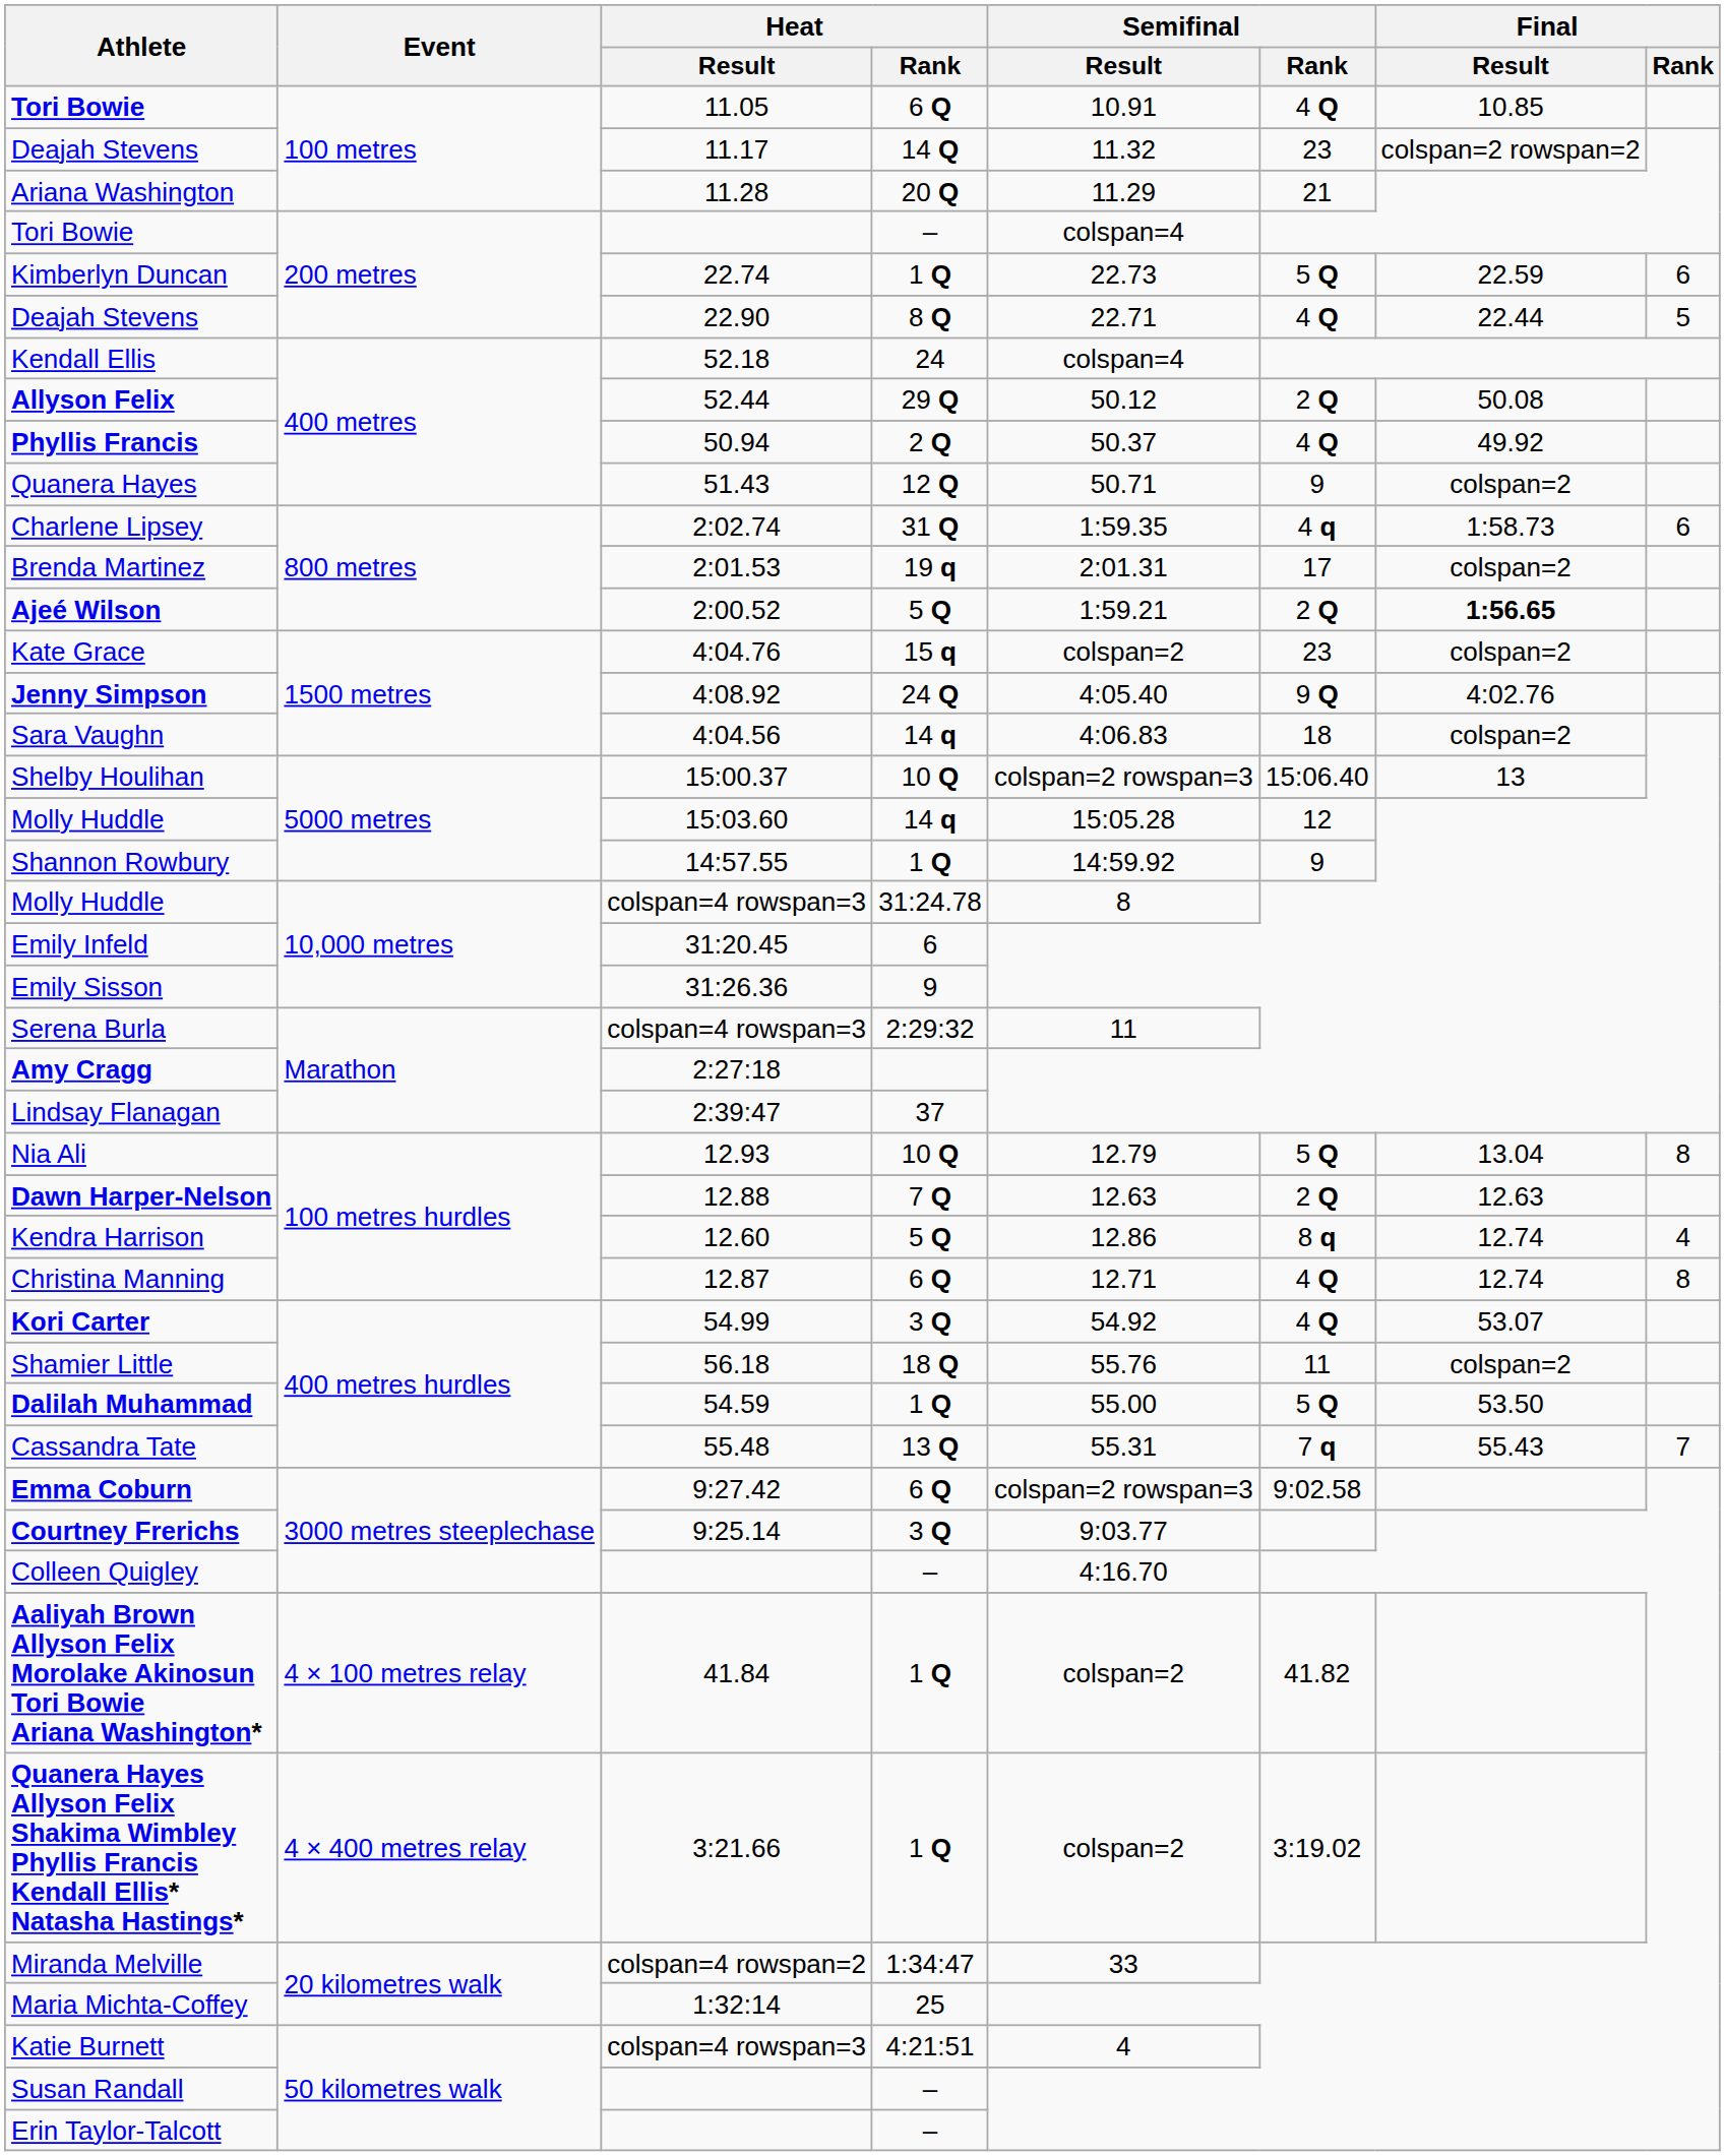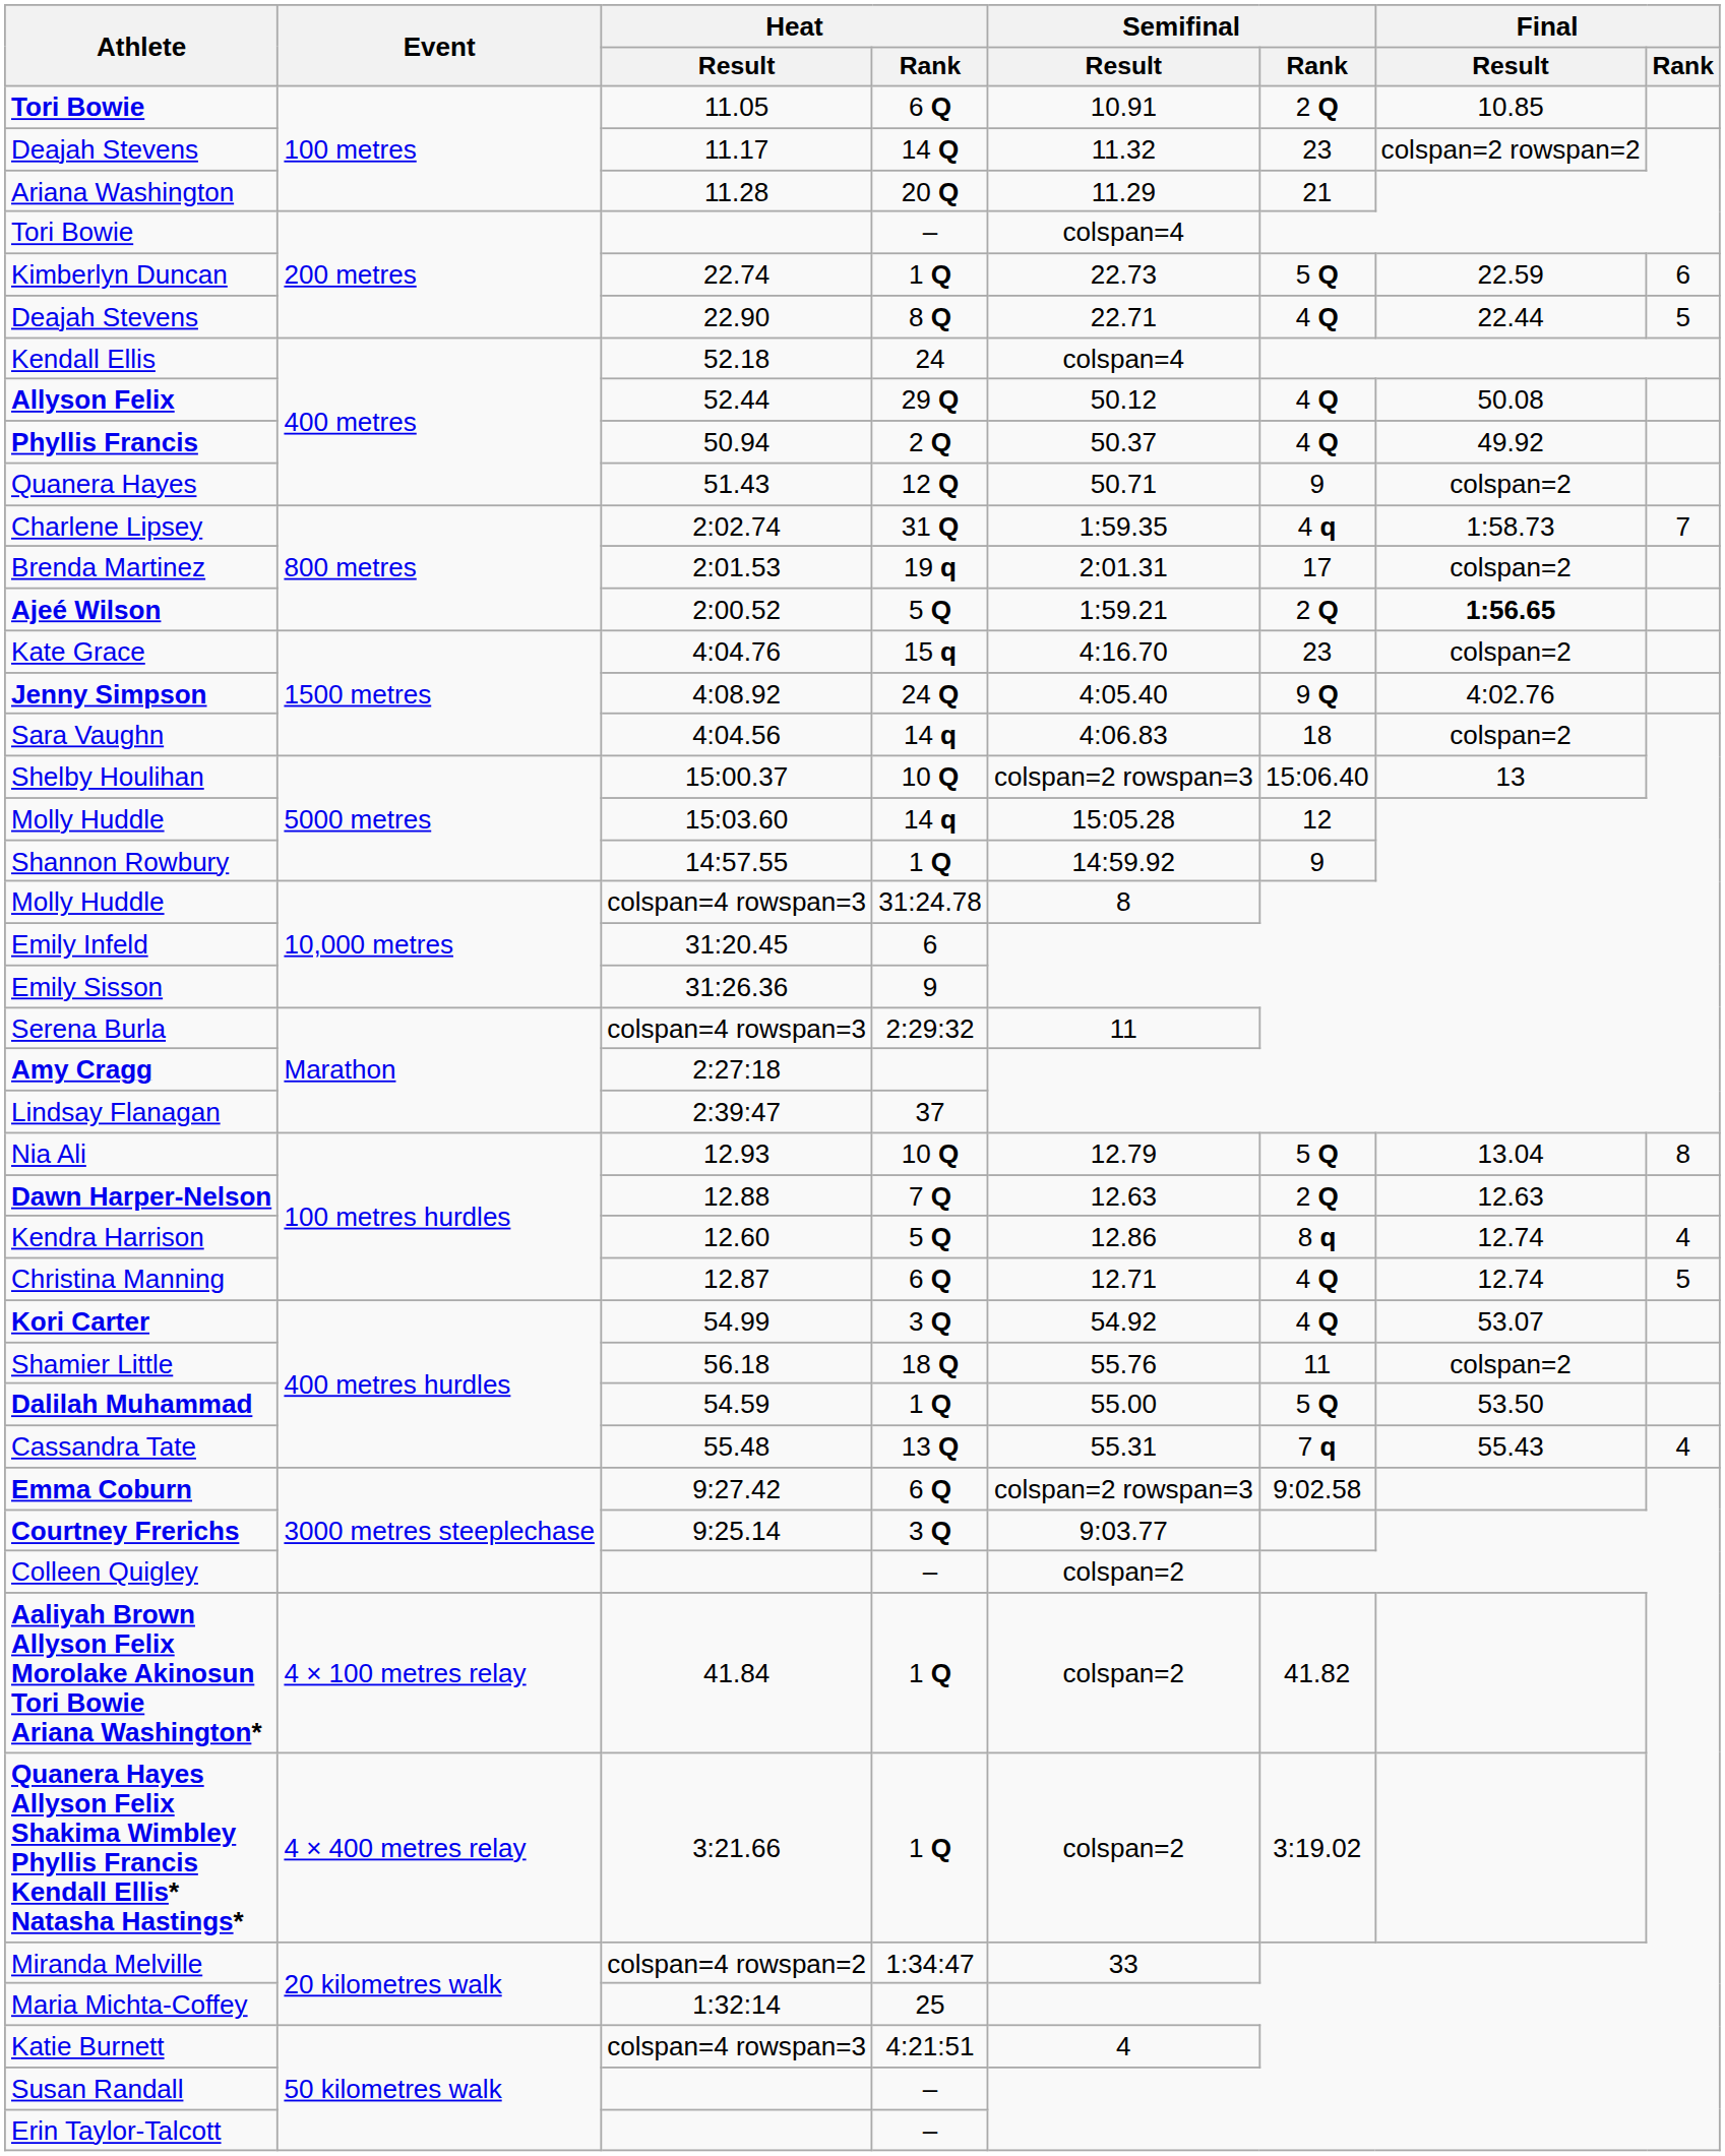 <table class=wikitable style=font-size:90%>
 <tr>
 <th rowspan=2>Athlete</th>
 <th rowspan=2>Event</th>
 <th colspan=2>Heat</th>
 <th colspan=2>Semifinal</th>
 <th colspan=2>Final</th>
 </tr>
 <tr style=font-size:95%>
 <th>Result</th>
 <th>Rank</th>
 <th>Result</th>
 <th>Rank</th>
 <th>Result</th>
 <th>Rank</th>
 </tr>
 <tr align=center>
 <td align=left><strong><a href='#'>Tori Bowie</a></strong></td>
 <td align=left rowspan=3><a href='#'>100 metres</a></td>
 <td>11.05</td>
 <td>6 <strong>Q</strong></td>
 <td>10.91</td>
-<td>4 <strong>Q</strong></td>
+<td>2 <strong>Q</strong></td>
 <td>10.85 <strong></strong></td>
 <td></td>
 </tr>
 <tr align=center>
 <td align=left><a href='#'>Deajah Stevens</a></td>
 <td>11.17</td>
 <td>14 <strong>Q</strong></td>
 <td>11.32</td>
 <td>23</td>
 <td>colspan=2 rowspan=2 </td>
 </tr>
 <tr align=center>
 <td align=left><a href='#'>Ariana Washington</a></td>
 <td>11.28</td>
 <td>20 <strong>Q</strong></td>
 <td>11.29</td>
 <td>21</td>
 </tr>
 <tr align=center>
 <td align=left><a href='#'>Tori Bowie</a></td>
 <td align=left rowspan=3><a href='#'>200 metres</a></td>
 <td></td>
 <td>–</td>
 <td>colspan=4 </td>
 </tr>
 <tr align=center>
 <td align=left><a href='#'>Kimberlyn Duncan</a></td>
 <td>22.74</td>
 <td>1 <strong>Q</strong></td>
 <td>22.73</td>
 <td>5 <strong>Q</strong></td>
 <td>22.59</td>
 <td>6</td>
 </tr>
 <tr align=center>
 <td align=left><a href='#'>Deajah Stevens</a></td>
 <td>22.90</td>
 <td>8 <strong>Q</strong></td>
 <td>22.71</td>
 <td>4 <strong>Q</strong></td>
 <td>22.44</td>
 <td>5</td>
 </tr>
 <tr align=center>
 <td align=left><a href='#'>Kendall Ellis</a></td>
 <td align=left rowspan=4><a href='#'>400 metres</a></td>
 <td>52.18</td>
 <td>24</td>
 <td>colspan=4 </td>
 </tr>
 <tr align=center>
 <td align=left><strong><a href='#'>Allyson Felix</a></strong></td>
 <td>52.44</td>
 <td>29 <strong>Q</strong></td>
 <td>50.12</td>
-<td>2 <strong>Q</strong></td>
+<td>4 <strong>Q</strong></td>
 <td>50.08</td>
 <td></td>
 </tr>
 <tr align=center>
 <td align=left><strong><a href='#'>Phyllis Francis</a></strong></td>
 <td>50.94</td>
 <td>2 <strong>Q</strong></td>
 <td>50.37</td>
 <td>4 <strong>Q</strong></td>
 <td>49.92 <strong></strong></td>
 <td></td>
 </tr>
 <tr align=center>
 <td align=left><a href='#'>Quanera Hayes</a></td>
 <td>51.43</td>
 <td>12 <strong>Q</strong></td>
 <td>50.71</td>
 <td>9</td>
 <td>colspan=2 </td>
 </tr>
 <tr align=center>
 <td align=left><a href='#'>Charlene Lipsey</a></td>
 <td align=left rowspan=3><a href='#'>800 metres</a></td>
 <td>2:02.74</td>
 <td>31 <strong>Q</strong></td>
 <td>1:59.35</td>
 <td>4 <strong>q</strong></td>
 <td>1:58.73</td>
-<td>6</td>
+<td>7</td>
 </tr>
 <tr align=center>
 <td align=left><a href='#'>Brenda Martinez</a></td>
 <td>2:01.53</td>
 <td>19 <strong>q</strong></td>
 <td>2:01.31</td>
 <td>17</td>
 <td>colspan=2 </td>
 </tr>
 <tr align=center>
 <td align=left><strong><a href='#'>Ajeé Wilson</a></strong></td>
 <td>2:00.52</td>
 <td>5 <strong>Q</strong></td>
 <td>1:59.21</td>
 <td>2 <strong>Q</strong></td>
 <td><strong>1:56.65</strong></td>
 <td></td>
 </tr>
 <tr align=center>
 <td align=left><a href='#'>Kate Grace</a></td>
 <td align=left rowspan=3><a href='#'>1500 metres</a></td>
 <td>4:04.76</td>
 <td>15 <strong>q</strong></td>
-<td>colspan=2 </td>
+<td>4:16.70</td>
 <td>23</td>
 <td>colspan=2 </td>
 </tr>
 <tr align=center>
 <td align=left><strong><a href='#'>Jenny Simpson</a></strong></td>
 <td>4:08.92</td>
 <td>24 <strong>Q</strong></td>
 <td>4:05.40</td>
 <td>9 <strong>Q</strong></td>
 <td>4:02.76</td>
 <td></td>
 </tr>
 <tr align=center>
 <td align=left><a href='#'>Sara Vaughn</a></td>
 <td>4:04.56 <strong></strong></td>
 <td>14 <strong>q</strong></td>
 <td>4:06.83</td>
 <td>18</td>
 <td>colspan=2 </td>
 </tr>
 <tr align=center>
 <td align=left><a href='#'>Shelby Houlihan</a></td>
 <td align=left rowspan=3><a href='#'>5000 metres</a></td>
 <td>15:00.37 <strong></strong></td>
 <td>10 <strong>Q</strong></td>
 <td>colspan=2 rowspan=3 </td>
 <td>15:06.40</td>
 <td>13</td>
 </tr>
 <tr align=center>
 <td align=left><a href='#'>Molly Huddle</a></td>
 <td>15:03.60</td>
 <td>14 <strong>q</strong></td>
 <td>15:05.28</td>
 <td>12</td>
 </tr>
 <tr align=center>
 <td align=left><a href='#'>Shannon Rowbury</a></td>
 <td>14:57.55 <strong></strong></td>
 <td>1 <strong>Q</strong></td>
 <td>14:59.92</td>
 <td>9</td>
 </tr>
 <tr align=center>
 <td align=left><a href='#'>Molly Huddle</a></td>
 <td align=left rowspan=3><a href='#'>10,000 metres</a></td>
 <td>colspan=4 rowspan=3 </td>
 <td>31:24.78</td>
 <td>8</td>
 </tr>
 <tr align=center>
 <td align=left><a href='#'>Emily Infeld</a></td>
 <td>31:20.45 <strong></strong></td>
 <td>6</td>
 </tr>
 <tr align=center>
 <td align=left><a href='#'>Emily Sisson</a></td>
 <td>31:26.36</td>
 <td>9</td>
 </tr>
 <tr align=center>
 <td align=left><a href='#'>Serena Burla</a></td>
 <td align=left rowspan=3><a href='#'>Marathon</a></td>
 <td>colspan=4 rowspan=3 </td>
 <td>2:29:32</td>
 <td>11</td>
 </tr>
 <tr align=center>
 <td align=left><strong><a href='#'>Amy Cragg</a></strong></td>
 <td>2:27:18 <strong></strong></td>
 <td></td>
 </tr>
 <tr align=center>
 <td align=left><a href='#'>Lindsay Flanagan</a></td>
 <td>2:39:47 <strong></strong></td>
 <td>37</td>
 </tr>
 <tr align=center>
 <td align=left><a href='#'>Nia Ali</a></td>
 <td align=left rowspan=4><a href='#'>100 metres hurdles</a></td>
 <td>12.93</td>
 <td>10 <strong>Q</strong></td>
 <td>12.79</td>
 <td>5 <strong>Q</strong></td>
 <td>13.04</td>
 <td>8</td>
 </tr>
 <tr align=center>
 <td align=left><strong><a href='#'>Dawn Harper-Nelson</a></strong></td>
 <td>12.88</td>
 <td>7 <strong>Q</strong></td>
 <td>12.63 <strong></strong></td>
 <td>2 <strong>Q</strong></td>
 <td>12.63 <strong></strong></td>
 <td></td>
 </tr>
 <tr align=center>
 <td align=left><a href='#'>Kendra Harrison</a></td>
 <td>12.60</td>
 <td>5 <strong>Q</strong></td>
 <td>12.86</td>
 <td>8 <strong>q</strong></td>
 <td>12.74</td>
 <td>4</td>
 </tr>
 <tr align=center>
 <td align=left><a href='#'>Christina Manning</a></td>
 <td>12.87</td>
 <td>6 <strong>Q</strong></td>
 <td>12.71</td>
 <td>4 <strong>Q</strong></td>
 <td>12.74</td>
-<td>8</td>
+<td>5</td>
 </tr>
 <tr align=center>
 <td align=left><strong><a href='#'>Kori Carter</a></strong></td>
 <td align=left rowspan=4><a href='#'>400 metres hurdles</a></td>
 <td>54.99</td>
 <td>3 <strong>Q</strong></td>
 <td>54.92</td>
 <td>4 <strong>Q</strong></td>
 <td>53.07</td>
 <td></td>
 </tr>
 <tr align=center>
 <td align=left><a href='#'>Shamier Little</a></td>
 <td>56.18</td>
 <td>18 <strong>Q</strong></td>
 <td>55.76</td>
 <td>11</td>
 <td>colspan=2 </td>
 </tr>
 <tr align=center>
 <td align=left><strong><a href='#'>Dalilah Muhammad</a></strong></td>
 <td>54.59</td>
 <td>1 <strong>Q</strong></td>
 <td>55.00</td>
 <td>5 <strong>Q</strong></td>
 <td>53.50</td>
 <td></td>
 </tr>
 <tr align=center>
 <td align=left><a href='#'>Cassandra Tate</a></td>
 <td>55.48</td>
 <td>13 <strong>Q</strong></td>
 <td>55.31</td>
 <td>7 <strong>q</strong></td>
 <td>55.43</td>
-<td>7</td>
+<td>4</td>
 </tr>
 <tr align=center>
 <td align=left><strong><a href='#'>Emma Coburn</a></strong></td>
 <td align=left rowspan=3><a href='#'>3000 metres steeplechase</a></td>
 <td>9:27.42</td>
 <td>6 <strong>Q</strong></td>
 <td>colspan=2 rowspan=3 </td>
 <td>9:02.58 <strong></strong> <strong></strong></td>
 <td></td>
 </tr>
 <tr align=center>
 <td align=left><strong><a href='#'>Courtney Frerichs</a></strong></td>
 <td>9:25.14</td>
 <td>3 <strong>Q</strong></td>
 <td>9:03.77 <strong></strong></td>
 <td></td>
 </tr>
 <tr align=center>
 <td align=left><a href='#'>Colleen Quigley</a></td>
 <td></td>
 <td>–</td>
-<td>4:16.70</td>
+<td>colspan=2 </td>
 </tr>
 <tr align=center>
 <td align=left><strong><a href='#'>Aaliyah Brown</a><br><a href='#'>Allyson Felix</a><br><a href='#'>Morolake Akinosun</a><br><a href='#'>Tori Bowie</a><br><a href='#'>Ariana Washington</a>*</strong></td>
 <td align=left><a href='#'>4 × 100 metres relay</a></td>
 <td>41.84</td>
 <td>1 <strong>Q</strong></td>
 <td>colspan=2 </td>
 <td>41.82 <strong></strong></td>
 <td></td>
 </tr>
 <tr align=center>
 <td align=left><strong><a href='#'>Quanera Hayes</a><br><a href='#'>Allyson Felix</a><br><a href='#'>Shakima Wimbley</a><br><a href='#'>Phyllis Francis</a><br><a href='#'>Kendall Ellis</a>*<br><a href='#'>Natasha Hastings</a>*</strong></td>
 <td align=left><a href='#'>4 × 400 metres relay</a></td>
 <td>3:21.66</td>
 <td>1 <strong>Q</strong></td>
 <td>colspan=2 </td>
 <td>3:19.02 <strong></strong></td>
 <td></td>
 </tr>
 <tr align=center>
 <td align=left><a href='#'>Miranda Melville</a></td>
 <td align=left rowspan=2><a href='#'>20 kilometres walk</a></td>
 <td>colspan=4 rowspan=2 </td>
 <td>1:34:47</td>
 <td>33</td>
 </tr>
 <tr align=center>
 <td align=left><a href='#'>Maria Michta-Coffey</a></td>
 <td>1:32:14 <strong></strong></td>
 <td>25</td>
 </tr>
 <tr align=center>
 <td align=left><a href='#'>Katie Burnett</a></td>
 <td align=left rowspan=3><a href='#'>50 kilometres walk</a></td>
 <td>colspan=4 rowspan=3 </td>
 <td>4:21:51 <strong></strong></td>
 <td>4</td>
 </tr>
 <tr align=center>
 <td align=left><a href='#'>Susan Randall</a></td>
 <td></td>
 <td>–</td>
 </tr>
 <tr align=center>
 <td align=left><a href='#'>Erin Taylor-Talcott</a></td>
 <td></td>
 <td>–</td>
 </tr>
 </table>
